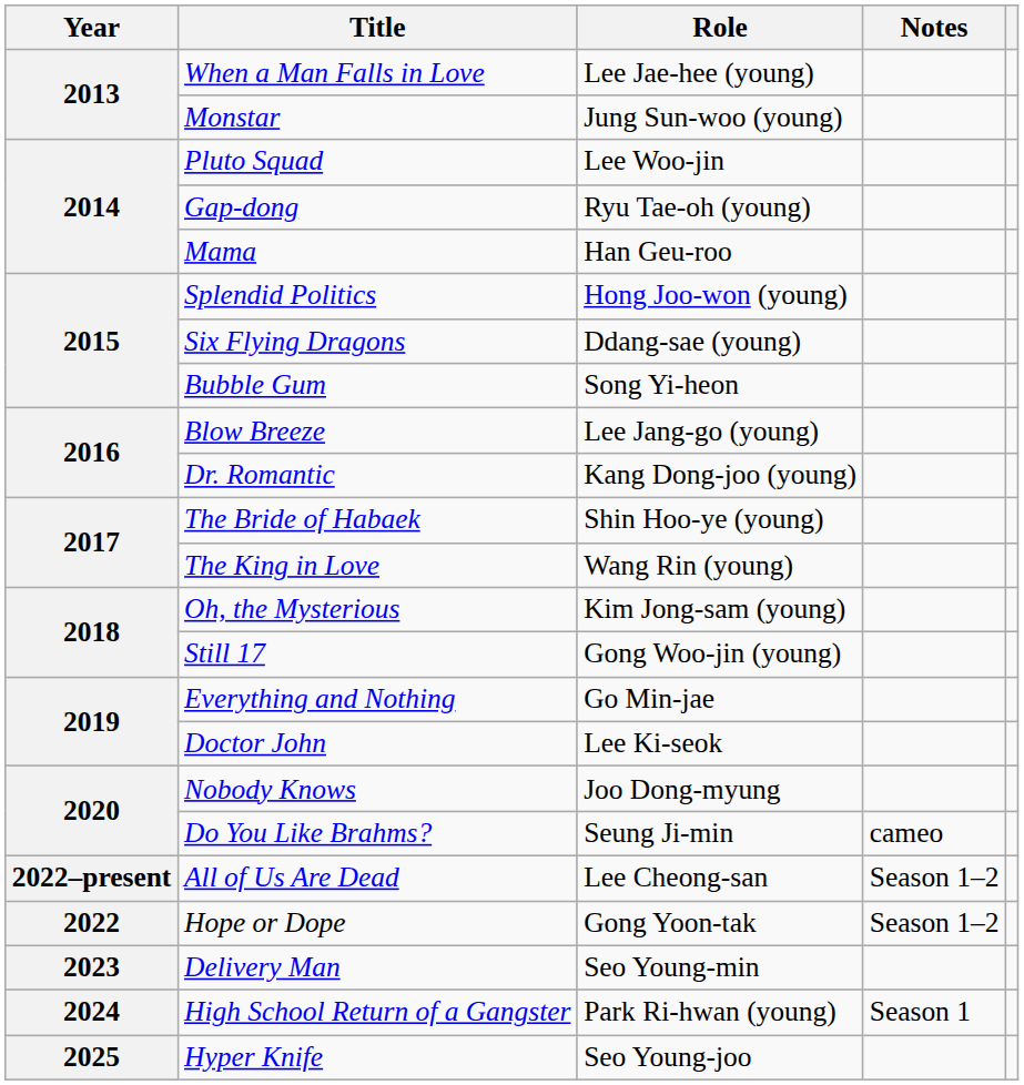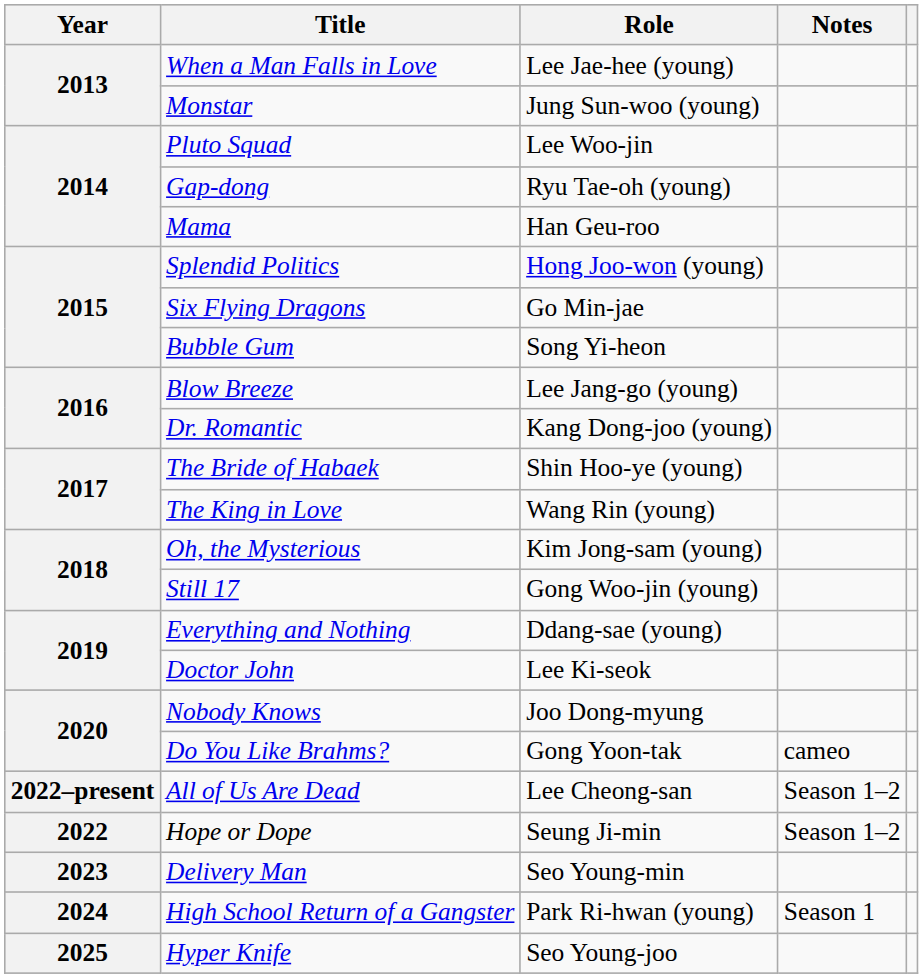 <table class="wikitable sortable plainrowheaders">
 <tr>
 <th scope="col">Year</th>
 <th scope="col">Title</th>
 <th scope="col">Role</th>
 <th scope="col">Notes</th>
 <th scope="col" class="unsortable"></th>
 </tr>
 <tr>
 <th scope="row" rowspan="2">2013</th>
 <td><em><a href='#'>When a Man Falls in Love</a></em></td>
 <td>Lee Jae-hee (young)</td>
 <td></td>
 <td></td>
 </tr>
 <tr>
 <td><em><a href='#'>Monstar</a></em></td>
 <td>Jung Sun-woo (young)</td>
 <td></td>
 <td></td>
 </tr>
 <tr>
 <th scope="row" rowspan="3">2014</th>
 <td><em><a href='#'>Pluto Squad</a></em></td>
 <td>Lee Woo-jin</td>
 <td></td>
 <td></td>
 </tr>
 <tr>
 <td><em><a href='#'>Gap-dong</a></em></td>
 <td>Ryu Tae-oh (young)</td>
 <td></td>
 <td></td>
 </tr>
 <tr>
 <td><em><a href='#'>Mama</a></em></td>
 <td>Han Geu-roo</td>
 <td></td>
 <td></td>
 </tr>
 <tr>
 <th scope="row" rowspan="3">2015</th>
 <td><em><a href='#'>Splendid Politics</a></em></td>
 <td><a href='#'>Hong Joo-won</a> (young)</td>
 <td></td>
 <td></td>
 </tr>
 <tr>
 <td><em><a href='#'>Six Flying Dragons</a></em></td>
-<td>Ddang-sae (young)</td>
+<td>Go Min-jae</td>
 <td></td>
 <td></td>
 </tr>
 <tr>
 <td><em><a href='#'>Bubble Gum</a></em></td>
 <td>Song Yi-heon</td>
 <td></td>
 <td></td>
 </tr>
 <tr>
 <th scope="row" rowspan="2">2016</th>
 <td><em><a href='#'>Blow Breeze</a></em></td>
 <td>Lee Jang-go (young)</td>
 <td></td>
 <td></td>
 </tr>
 <tr>
 <td><em><a href='#'>Dr. Romantic</a></em></td>
 <td>Kang Dong-joo (young)</td>
 <td></td>
 <td></td>
 </tr>
 <tr>
 <th scope="row" rowspan="2">2017</th>
 <td><em><a href='#'>The Bride of Habaek</a></em></td>
 <td>Shin Hoo-ye (young)</td>
 <td></td>
 <td></td>
 </tr>
 <tr>
 <td><em><a href='#'>The King in Love</a></em></td>
 <td>Wang Rin (young)</td>
 <td></td>
 <td></td>
 </tr>
 <tr>
 <th scope="row" rowspan="2">2018</th>
 <td><em><a href='#'>Oh, the Mysterious</a></em></td>
 <td>Kim Jong-sam (young)</td>
 <td></td>
 <td></td>
 </tr>
 <tr>
 <td><em><a href='#'>Still 17</a></em></td>
 <td>Gong Woo-jin (young)</td>
 <td></td>
 <td></td>
 </tr>
 <tr>
 <th scope="row" rowspan="2">2019</th>
 <td><em><a href='#'>Everything and Nothing</a></em></td>
-<td>Go Min-jae</td>
+<td>Ddang-sae (young)</td>
 <td></td>
 <td></td>
 </tr>
 <tr>
 <td><em><a href='#'>Doctor John</a></em></td>
 <td>Lee Ki-seok</td>
 <td></td>
 <td></td>
 </tr>
 <tr>
 <th scope="row" rowspan="2">2020</th>
 <td><em><a href='#'>Nobody Knows</a></em></td>
 <td>Joo Dong-myung</td>
 <td></td>
 <td></td>
 </tr>
 <tr>
 <td><em><a href='#'>Do You Like Brahms?</a></em></td>
-<td>Seung Ji-min</td>
+<td>Gong Yoon-tak</td>
 <td>cameo</td>
 <td></td>
 </tr>
 <tr>
 <th scope="row">2022–present</th>
 <td><em><a href='#'>All of Us Are Dead</a></em></td>
 <td>Lee Cheong-san</td>
 <td>Season 1–2</td>
 <td></td>
 </tr>
 <tr>
 <th scope="row">2022</th>
 <td><em>Hope or Dope</em></td>
-<td>Gong Yoon-tak</td>
+<td>Seung Ji-min</td>
 <td>Season 1–2</td>
 <td></td>
 </tr>
 <tr>
 <th scope="row">2023</th>
 <td><em><a href='#'>Delivery Man</a></em></td>
 <td>Seo Young-min</td>
 <td></td>
 <td></td>
 </tr>
 <tr>
 <th scope="row">2024</th>
 <td><em><a href='#'>High School Return of a Gangster</a></em></td>
 <td>Park Ri-hwan (young)</td>
 <td>Season 1</td>
 <td></td>
 </tr>
 <tr>
 <th scope="row">2025</th>
 <td><em><a href='#'>Hyper Knife</a></em></td>
 <td>Seo Young-joo</td>
 <td></td>
 <td></td>
 </tr>
 </table>
